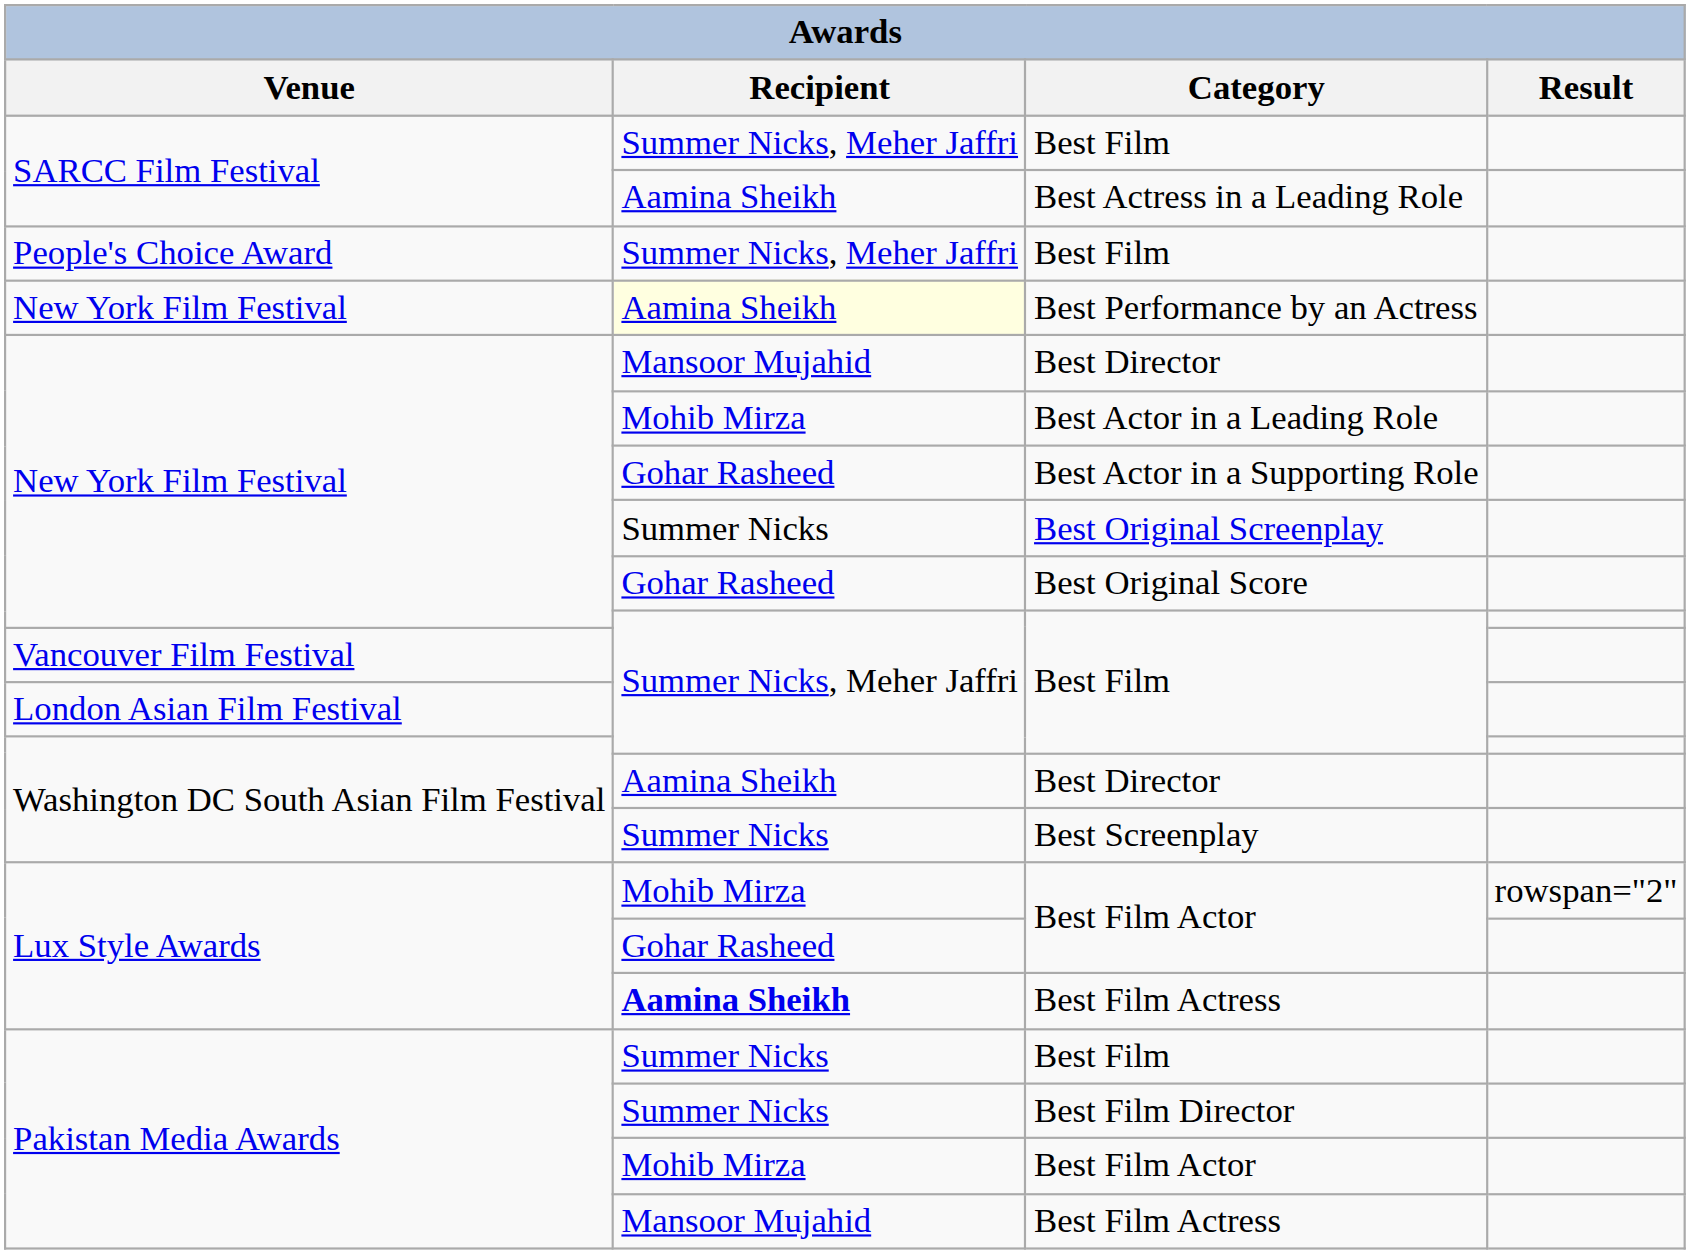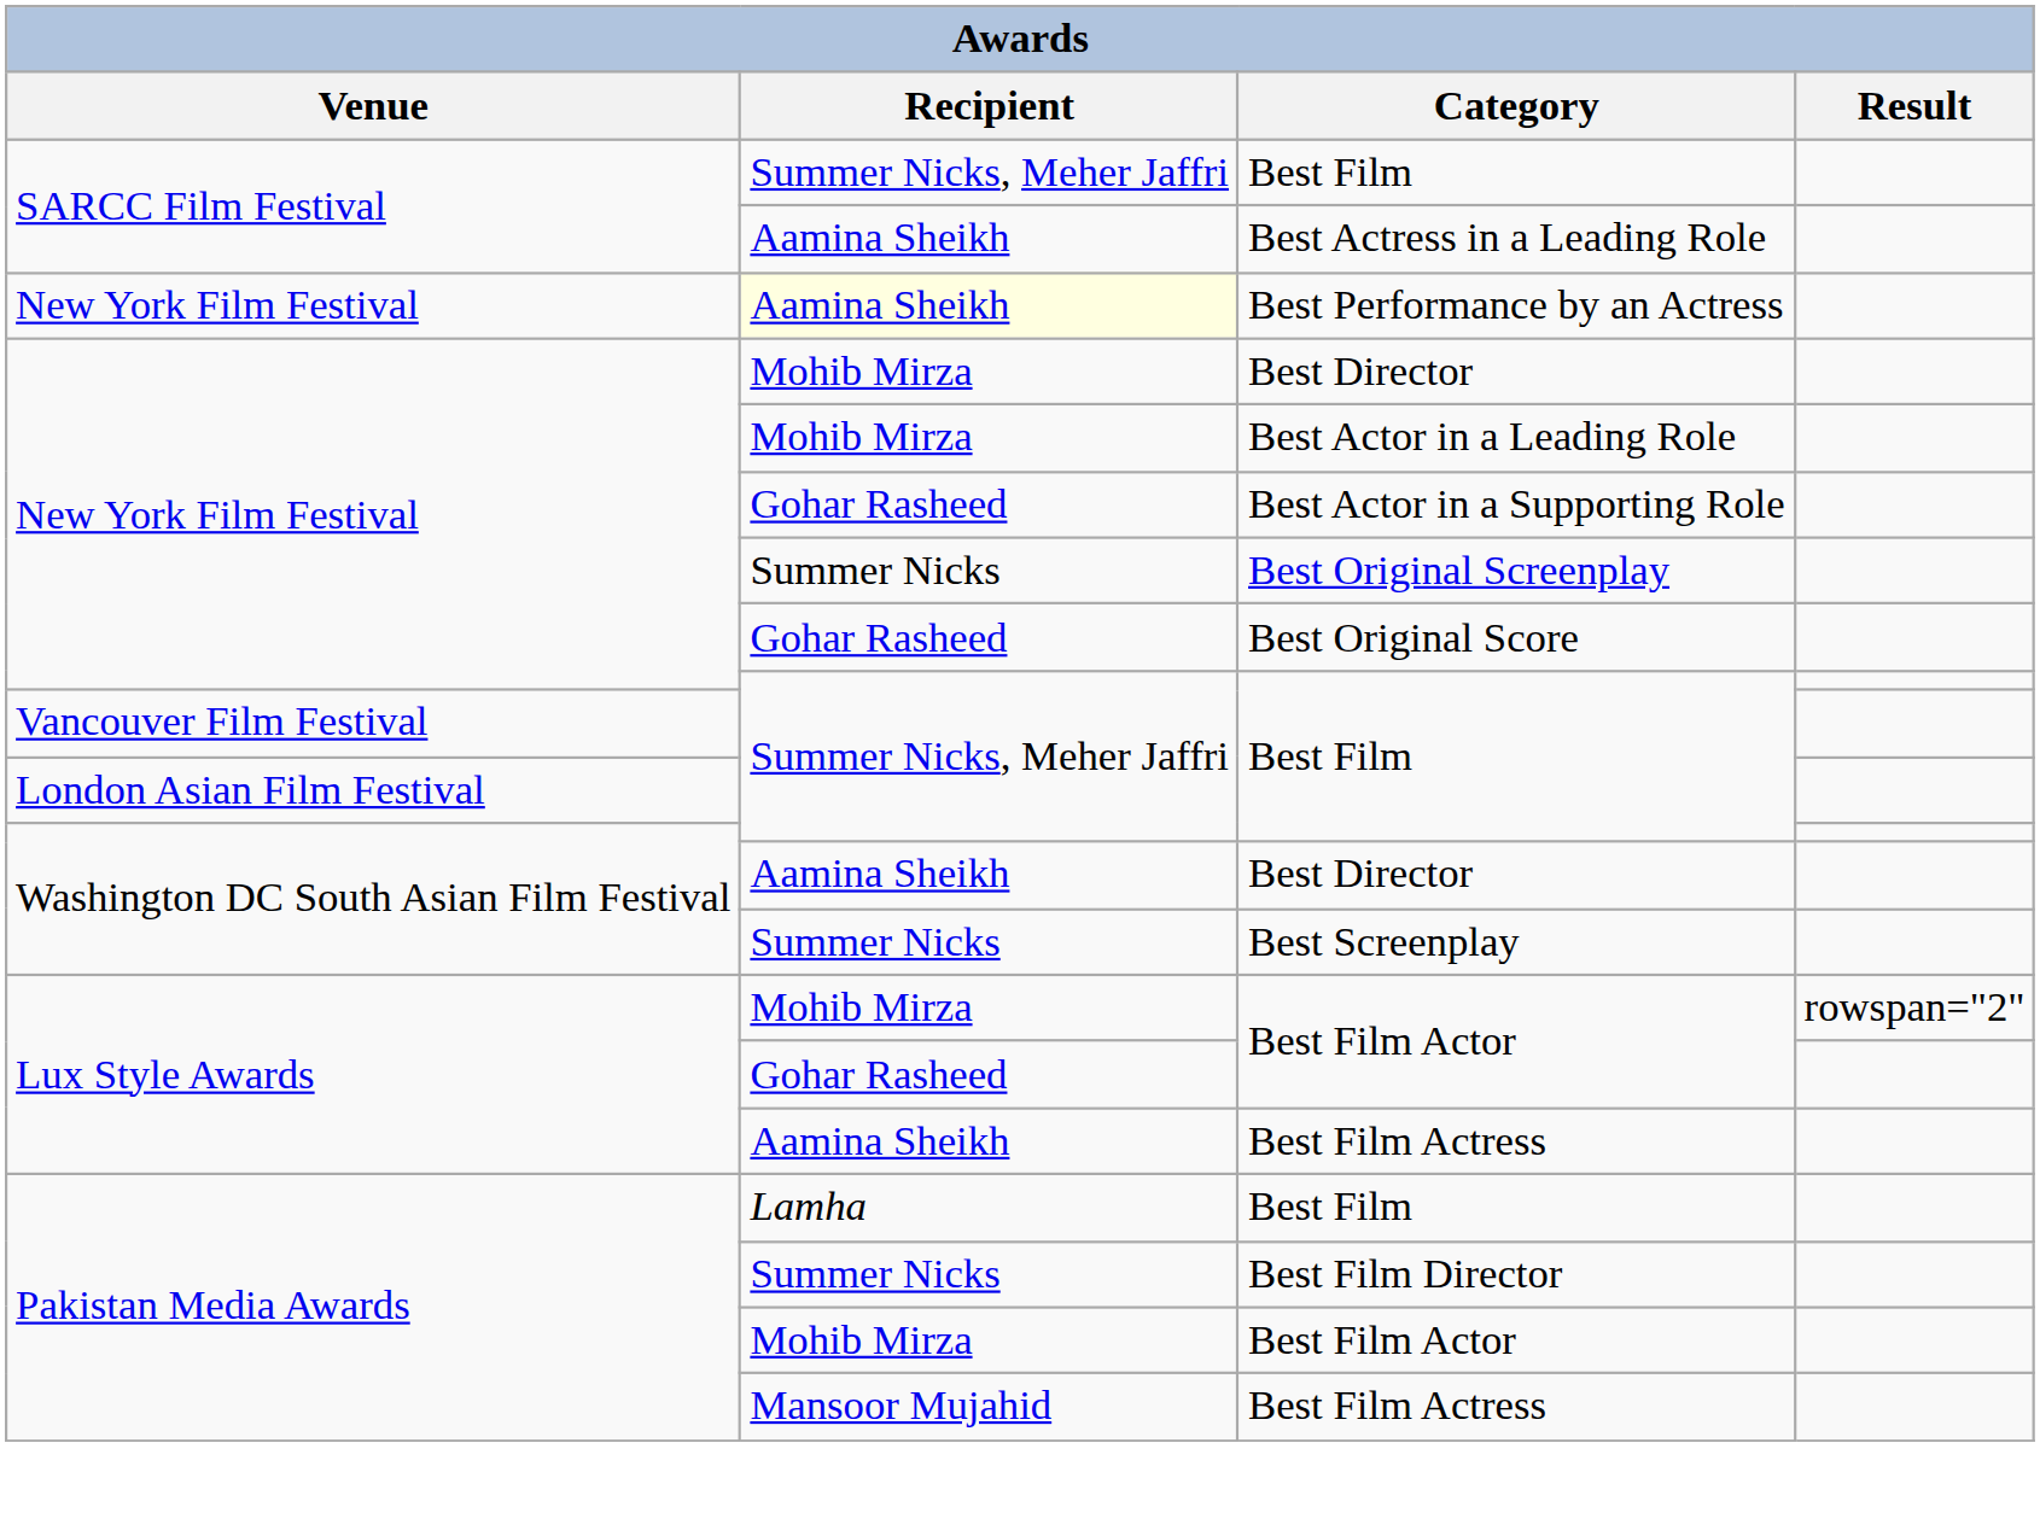 <table class="wikitable sortable">
 <tr>
 <th colspan="4" style="background: LightSteelBlue;">Awards</th>
 </tr>
 <tr style="background:#cccccc;">
 <th>Venue</th>
 <th>Recipient</th>
 <th>Category</th>
 <th>Result</th>
 </tr>
 <tr>
 <td rowspan="2"><a href='#'>SARCC Film Festival</a></td>
 <td><a href='#'>Summer Nicks</a>, <a href='#'>Meher Jaffri</a></td>
 <td>Best Film</td>
 <td></td>
 </tr>
 <tr>
 <td><a href='#'>Aamina Sheikh</a></td>
 <td>Best Actress in a Leading Role</td>
 <td></td>
 </tr>
 <tr>
-<td><a href='#'>People's Choice Award</a></td>
-<td><a href='#'>Summer Nicks</a>, <a href='#'>Meher Jaffri</a></td>
-<td>Best Film</td>
-<td></td>
-</tr>
-<tr>
 <td><a href='#'>New York Film Festival</a></td>
 <td style="background: lightyellow;"><a href='#'>Aamina Sheikh</a></td>
 <td>Best Performance by an Actress</td>
 <td></td>
 </tr>
 <tr>
 <td rowspan="6"><a href='#'>New York Film Festival</a></td>
-<td><a href='#'>Mansoor Mujahid</a></td>
+<td><a href='#'>Mohib Mirza</a></td>
 <td>Best Director</td>
 <td></td>
 </tr>
 <tr>
 <td><a href='#'>Mohib Mirza</a></td>
 <td>Best Actor in a Leading Role</td>
 <td></td>
 </tr>
 <tr>
 <td><a href='#'>Gohar Rasheed</a></td>
 <td>Best Actor in a Supporting Role</td>
 <td></td>
 </tr>
 <tr>
 <td>Summer Nicks</td>
 <td><a href='#'>Best Original Screenplay</a></td>
 <td></td>
 </tr>
 <tr>
 <td><a href='#'>Gohar Rasheed</a></td>
 <td>Best Original Score</td>
 <td></td>
 </tr>
 <tr>
 <td rowspan="4"><a href='#'>Summer Nicks</a>, Meher Jaffri</td>
 <td rowspan="4">Best Film</td>
 <td></td>
 </tr>
 <tr>
 <td><a href='#'>Vancouver Film Festival</a></td>
 <td></td>
 </tr>
 <tr>
 <td><a href='#'>London Asian Film Festival</a></td>
 <td></td>
 </tr>
 <tr>
 <td rowspan="3">Washington DC South Asian Film Festival</td>
 <td></td>
 </tr>
 <tr>
 <td><a href='#'>Aamina Sheikh</a></td>
 <td>Best Director</td>
 <td></td>
 </tr>
 <tr>
 <td><a href='#'>Summer Nicks</a></td>
 <td>Best Screenplay</td>
 <td></td>
 </tr>
 <tr>
 <td rowspan="3"><a href='#'>Lux Style Awards</a></td>
 <td><a href='#'>Mohib Mirza</a></td>
 <td rowspan="2">Best Film Actor</td>
 <td>rowspan="2" </td>
 </tr>
 <tr>
 <td><a href='#'>Gohar Rasheed</a></td>
 </tr>
 <tr>
-<td><strong><a href='#'>Aamina Sheikh</a></strong></td>
+<td><a href='#'>Aamina Sheikh</a></td>
 <td>Best Film Actress</td>
 <td></td>
 </tr>
 <tr>
 <td rowspan="4"><a href='#'>Pakistan Media Awards</a></td>
-<td><a href='#'>Summer Nicks</a></td>
+<td><em>Lamha</em></td>
 <td>Best Film</td>
 <td></td>
 </tr>
 <tr>
 <td><a href='#'>Summer Nicks</a></td>
 <td>Best Film Director</td>
 <td></td>
 </tr>
 <tr>
 <td><a href='#'>Mohib Mirza</a></td>
 <td>Best Film Actor</td>
 <td></td>
 </tr>
 <tr>
 <td><a href='#'>Mansoor Mujahid</a></td>
 <td>Best Film Actress</td>
 <td></td>
 </tr>
 </table>
